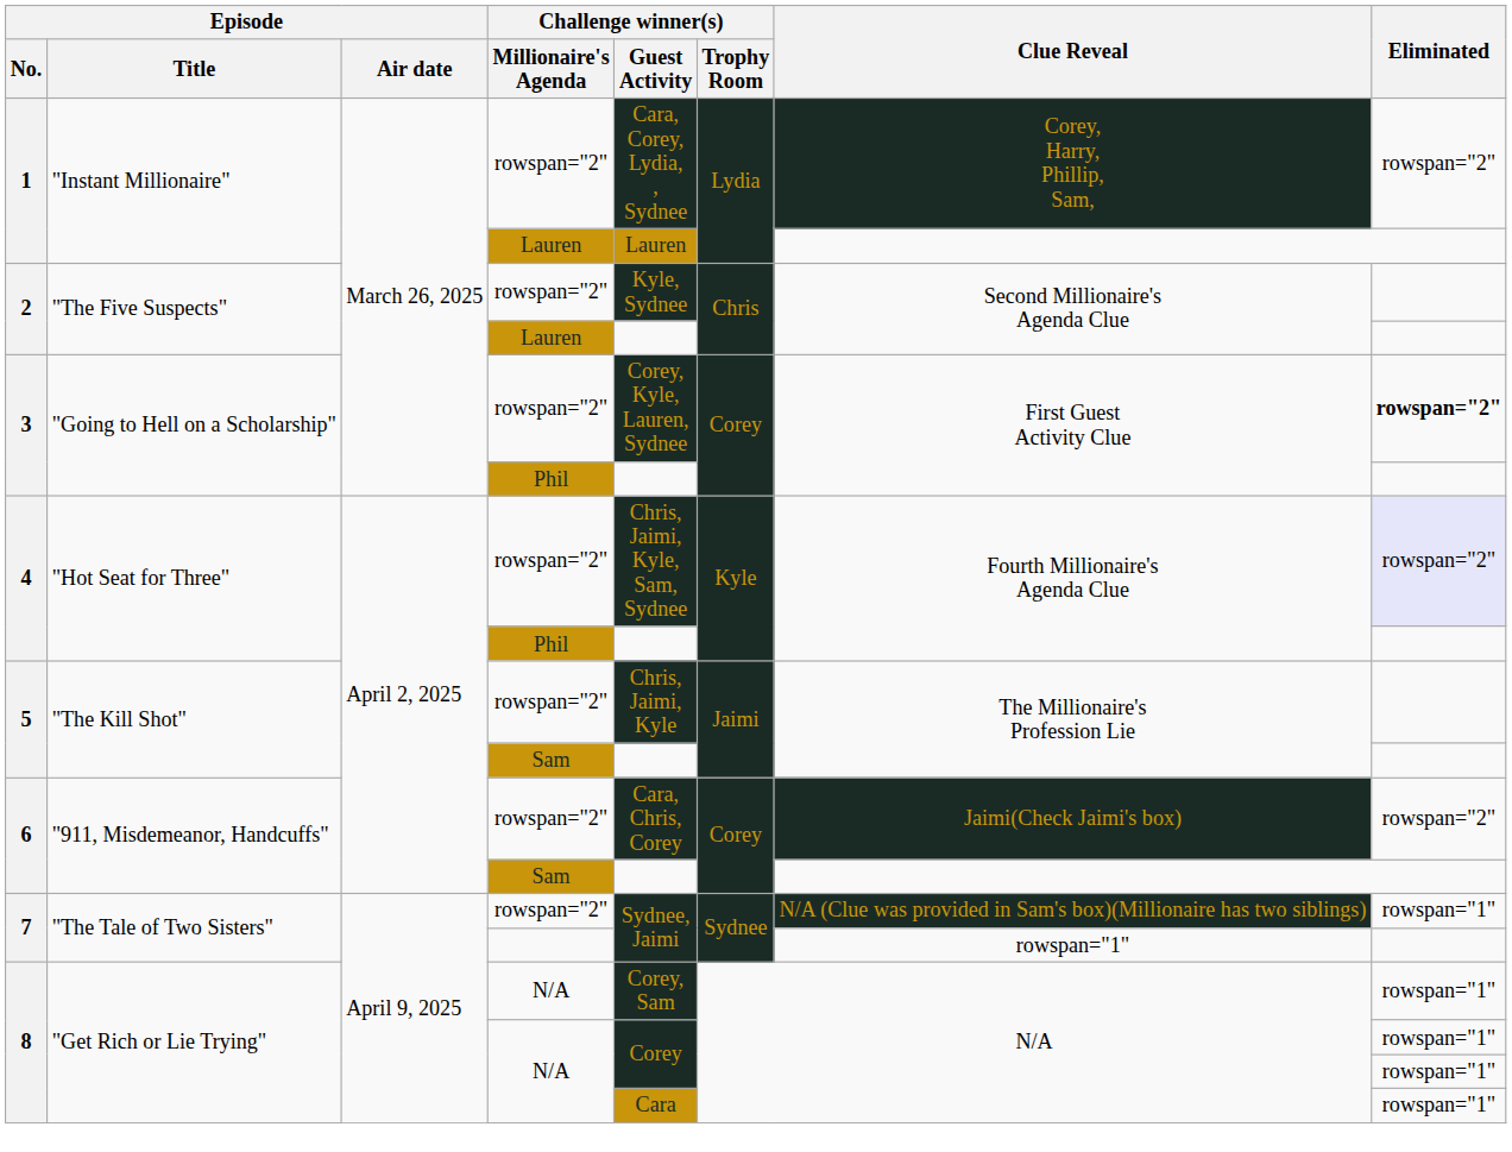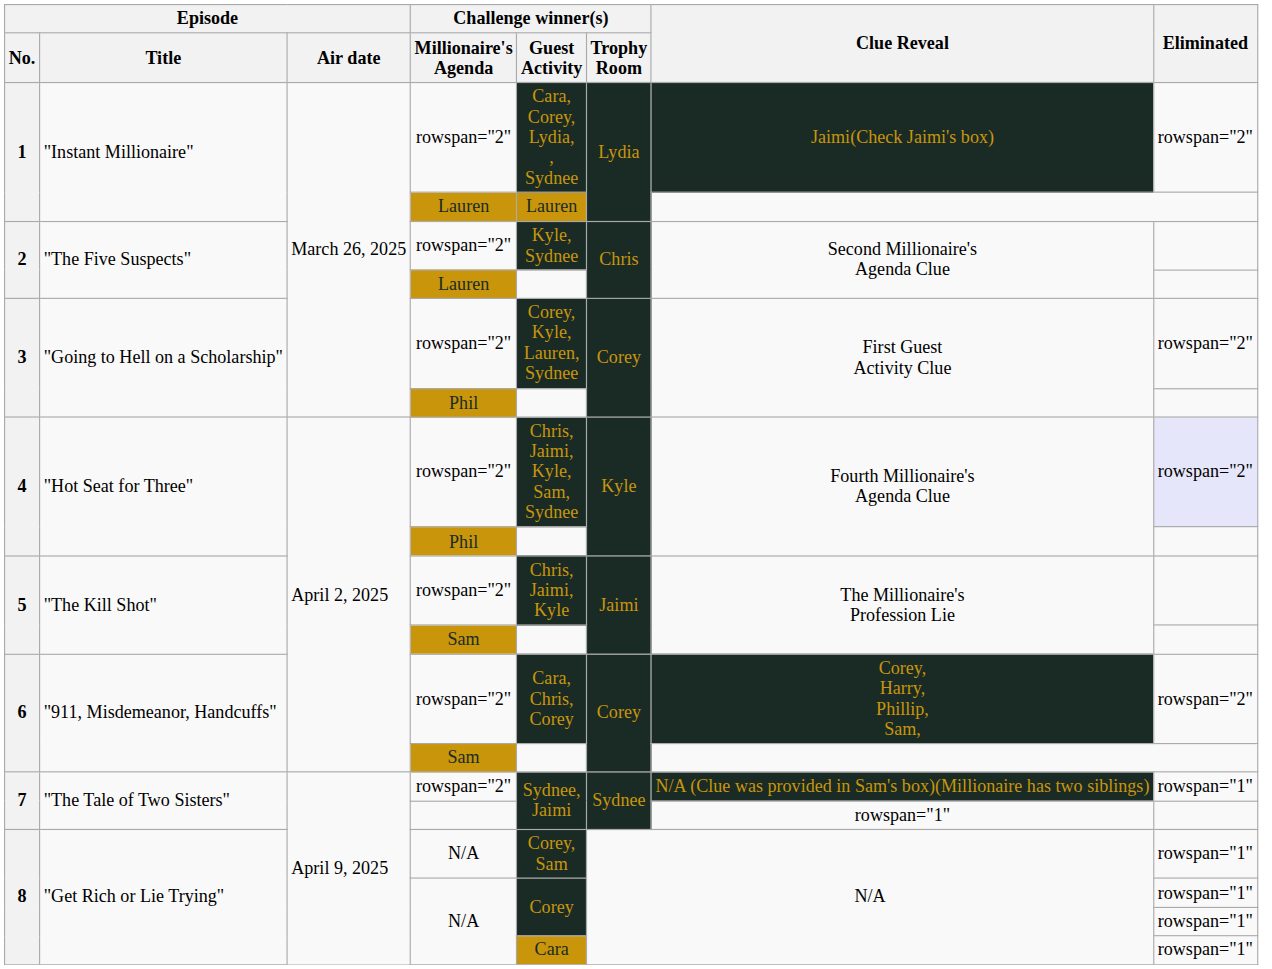 <table class="wikitable unsortable" style="text-align:center;">
 <tr>
 <th colspan="3">Episode</th>
 <th colspan="3">Challenge winner(s)</th>
 <th rowspan="2">Clue Reveal</th>
 <th rowspan="2">Eliminated</th>
 </tr>
 <tr>
 <th scope="col">No.</th>
 <th scope="col">Title</th>
 <th scope="col">Air date</th>
 <th scope="col">Millionaire's<br>Agenda</th>
 <th scope="col">Guest<br>Activity</th>
 <th scope="col">Trophy<br>Room</th>
 </tr>
 <tr>
 <th rowspan="2">1</th>
 <td rowspan="2" align="left">"Instant Millionaire"</td>
 <td rowspan="6" align="left">March 26, 2025</td>
 <td>rowspan="2" </td>
 <td bgcolor="#1a2b26" style="color:#c8950b;">Cara,<br>Corey,<br>Lydia,<br>,<br>Sydnee</td>
 <td rowspan="2" bgcolor="#1a2b26" style="color:#c8950b;">Lydia</td>
-<td bgcolor="#1a2b26" style="color:#c8950b;">Corey,<br>Harry,<br>Phillip,<br>Sam,<br></td>
+<td rowspan="1" bgcolor="#1a2b26" style="color:#c8950b;">Jaimi(Check Jaimi's box)</td>
 <td>rowspan="2" </td>
 </tr>
 <tr>
 <td bgcolor="#c8950b" style="color:#1a2b26;">Lauren</td>
 <td bgcolor="#c8950b" style="color:#1a2b26;">Lauren</td>
 </tr>
 <tr>
 <th rowspan="2">2</th>
 <td rowspan="2" align="left">"The Five Suspects"</td>
 <td>rowspan="2" </td>
 <td bgcolor="#1a2b26" style="color:#c8950b;">Kyle,<br>Sydnee</td>
 <td rowspan="2" bgcolor="#1a2b26" style="color:#c8950b;">Chris</td>
 <td rowspan="2">Second Millionaire's<br>Agenda Clue</td>
 <td></td>
 </tr>
 <tr>
 <td bgcolor="#c8950b" style="color:#1a2b26;">Lauren</td>
 <td></td>
 </tr>
 <tr>
 <th rowspan="2">3</th>
 <td rowspan="2" align="left">"Going to Hell on a Scholarship"</td>
 <td>rowspan="2" </td>
 <td bgcolor="#1a2b26" style="color:#c8950b;">Corey,<br>Kyle,<br>Lauren,<br>Sydnee</td>
 <td rowspan="2" bgcolor="#1a2b26" style="color:#c8950b;">Corey</td>
 <td rowspan="2">First Guest<br>Activity Clue</td>
-<td><strong>rowspan="2" </strong></td>
+<td>rowspan="2" </td>
 </tr>
 <tr>
 <td bgcolor="#c8950b" style="color:#1a2b26;">Phil</td>
 </tr>
 <tr>
 <th rowspan="2">4</th>
 <td rowspan="2" align="left">"Hot Seat for Three"</td>
 <td rowspan="6" align="left">April 2, 2025</td>
 <td>rowspan="2" </td>
 <td bgcolor="#1a2b26" style="color:#c8950b;">Chris,<br>Jaimi,<br>Kyle,<br>Sam,<br>Sydnee</td>
 <td rowspan="2" bgcolor="#1a2b26" style="color:#c8950b;">Kyle</td>
 <td rowspan="2">Fourth Millionaire's<br>Agenda Clue</td>
 <td style="background: lavender;">rowspan="2" </td>
 </tr>
 <tr>
 <td bgcolor="#c8950b" style="color:#1a2b26;">Phil</td>
 </tr>
 <tr>
 <th rowspan="2">5</th>
 <td rowspan="2" align="left">"The Kill Shot"</td>
 <td>rowspan="2" </td>
 <td bgcolor="#1a2b26" style="color:#c8950b;">Chris,<br>Jaimi,<br>Kyle</td>
 <td rowspan="2" bgcolor="#1a2b26" style="color:#c8950b;">Jaimi</td>
 <td rowspan="2">The Millionaire's<br>Profession Lie</td>
 <td></td>
 </tr>
 <tr>
 <td bgcolor="#c8950b" style="color:#1a2b26;">Sam</td>
 <td></td>
 </tr>
 <tr>
 <th rowspan="2">6</th>
 <td rowspan="2" align="left">"911, Misdemeanor, Handcuffs"</td>
 <td>rowspan="2" </td>
 <td bgcolor="#1a2b26" style="color:#c8950b;">Cara,<br>Chris,<br>Corey</td>
 <td rowspan="2" bgcolor="#1a2b26" style="color:#c8950b;">Corey</td>
-<td rowspan="1" bgcolor="#1a2b26" style="color:#c8950b;">Jaimi(Check Jaimi's box)</td>
+<td bgcolor="#1a2b26" style="color:#c8950b;">Corey,<br>Harry,<br>Phillip,<br>Sam,<br></td>
 <td>rowspan="2" </td>
 </tr>
 <tr>
 <td bgcolor="#c8950b" style="color:#1a2b26;">Sam</td>
 <td></td>
 </tr>
 <tr>
 <th rowspan="2">7</th>
 <td rowspan="2" align="left">"The Tale of Two Sisters"</td>
 <td rowspan="7" align="left">April 9, 2025</td>
 <td>rowspan="2" </td>
 <td rowspan="2" bgcolor="#1a2b26" style="color:#c8950b;">Sydnee,<br>Jaimi</td>
 <td rowspan="2" bgcolor="#1a2b26" style="color:#c8950b;">Sydnee</td>
 <td rowspan="1" bgcolor="#1a2b26" style="color:#c8950b;">N/A (Clue was provided in Sam's box)(Millionaire has two siblings)</td>
 <td>rowspan="1" </td>
 </tr>
 <tr>
 <td></td>
 <td>rowspan="1" </td>
 </tr>
 <tr>
 <th rowspan="4">8</th>
 <td rowspan="4" align="left">"Get Rich or Lie Trying"</td>
 <td rowspan="1">N/A</td>
 <td rowspan="1" bgcolor="#1a2b26" style="color:#c8950b;">Corey,<br>Sam</td>
 <td rowspan="4" colspan="2">N/A</td>
 <td>rowspan="1" </td>
 </tr>
 <tr>
 <td rowspan="3">N/A</td>
 <td rowspan="2" bgcolor="#1a2b26" style="color:#c8950b;">Corey</td>
 <td>rowspan="1" </td>
 </tr>
 <tr>
 <td>rowspan="1" </td>
 </tr>
 <tr>
 <td rowspan="1" bgcolor="#c8950b" style="color:#1a2b26;">Cara</td>
 <td>rowspan="1" </td>
 </tr>
 <tr>
 </tr>
 </table>
